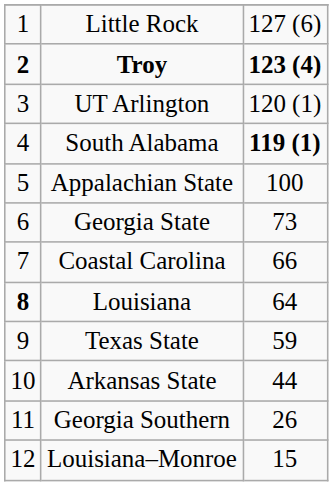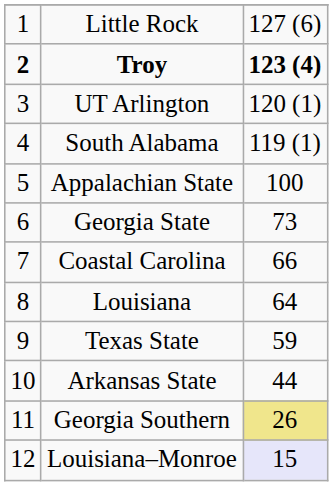 <table class="wikitable">
 <tr align="center">
 </tr>
 <tr align="center">
 <td>1</td>
 <td>Little Rock</td>
 <td>127 (6)</td>
 </tr>
 <tr align="center">
 <td><strong>2</strong></td>
 <td><strong>Troy</strong></td>
 <td><strong>123 (4)</strong></td>
 </tr>
 <tr align="center">
 <td>3</td>
 <td>UT Arlington</td>
 <td>120 (1)</td>
 </tr>
 <tr align="center">
 <td>4</td>
 <td>South Alabama</td>
-<td><strong>119 (1)</strong></td>
+<td>119 (1)</td>
 </tr>
 <tr align="center">
 <td>5</td>
 <td>Appalachian State</td>
 <td>100</td>
 </tr>
 <tr align="center">
 <td>6</td>
 <td>Georgia State</td>
 <td>73</td>
 </tr>
 <tr align="center">
 <td>7</td>
 <td>Coastal Carolina</td>
 <td>66</td>
 </tr>
 <tr align="center">
-<td><strong>8</strong></td>
+<td>8</td>
 <td>Louisiana</td>
 <td>64</td>
 </tr>
 <tr align="center">
 <td>9</td>
 <td>Texas State</td>
 <td>59</td>
 </tr>
 <tr align="center">
 <td>10</td>
 <td>Arkansas State</td>
 <td>44</td>
 </tr>
 <tr align="center">
 <td>11</td>
 <td>Georgia Southern</td>
-<td>26</td>
+<td style="background: khaki;">26</td>
 </tr>
 <tr align="center">
 <td>12</td>
 <td>Louisiana–Monroe</td>
-<td>15</td>
+<td style="background: lavender;">15</td>
 </tr>
 </table>
